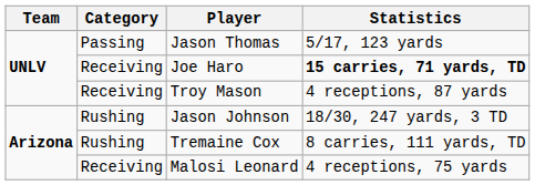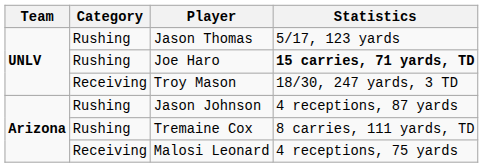 <table class="wikitable" style="float: right;">
 <tr>
 <th>Team</th>
 <th>Category</th>
 <th>Player</th>
 <th>Statistics</th>
 </tr>
 <tr>
 <td rowspan=3><strong>UNLV</strong></td>
-<td>Passing</td>
+<td>Rushing</td>
 <td>Jason Thomas</td>
 <td>5/17, 123 yards</td>
 </tr>
 <tr>
-<td>Receiving</td>
+<td>Rushing</td>
 <td>Joe Haro</td>
 <td><strong>15 carries, 71 yards, TD</strong></td>
 </tr>
 <tr>
 <td>Receiving</td>
 <td>Troy Mason</td>
-<td>4 receptions, 87 yards</td>
+<td>18/30, 247 yards, 3 TD</td>
 </tr>
 <tr>
 <td rowspan=3><strong>Arizona</strong></td>
 <td>Rushing</td>
 <td>Jason Johnson</td>
-<td>18/30, 247 yards, 3 TD</td>
+<td>4 receptions, 87 yards</td>
 </tr>
 <tr>
 <td>Rushing</td>
 <td>Tremaine Cox</td>
 <td>8 carries, 111 yards, TD</td>
 </tr>
 <tr>
 <td>Receiving</td>
 <td>Malosi Leonard</td>
 <td>4 receptions, 75 yards</td>
 </tr>
 </table>
